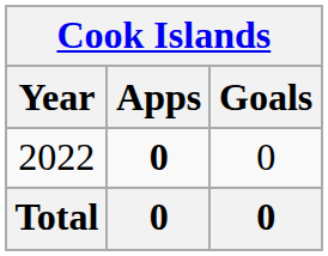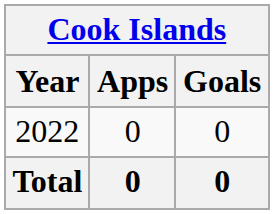 <table class="wikitable" style="text-align:center">
 <tr>
 <th colspan=3><a href='#'>Cook Islands</a></th>
 </tr>
 <tr>
 <th>Year</th>
 <th>Apps</th>
 <th>Goals</th>
 </tr>
 <tr>
 <td>2022</td>
-<td><strong>0</strong></td>
+<td>0</td>
 <td>0</td>
 </tr>
 <tr>
 <th>Total</th>
 <th>0</th>
 <th>0</th>
 </tr>
 </table>
